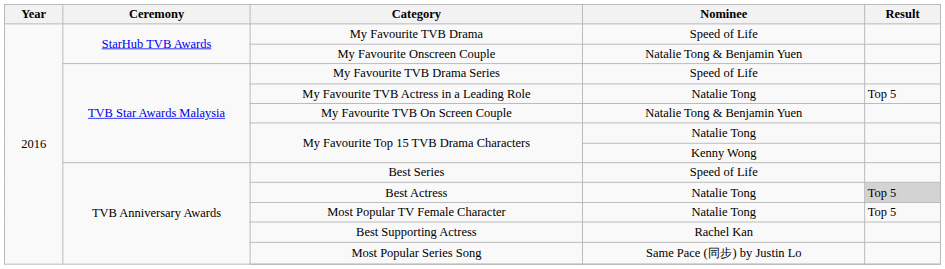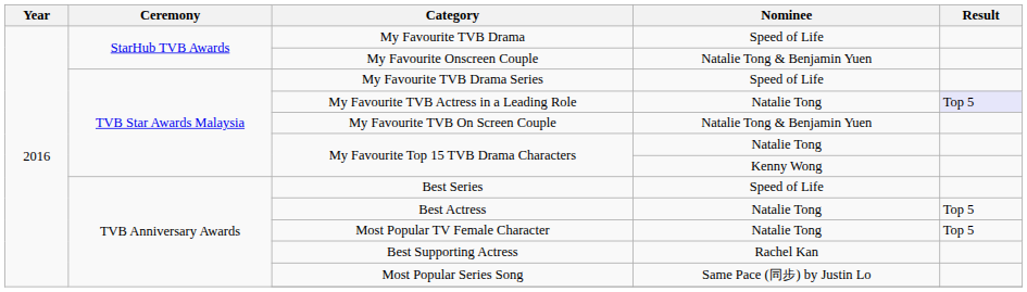 <table class="wikitable" style="width:95%;">
 <tr>
 <th style="width:45px;">Year</th>
 <th style="width:160px;">Ceremony</th>
 <th style="width:290px;">Category</th>
 <th style="width:245px;">Nominee</th>
 <th style="width:60px;">Result</th>
 </tr>
 <tr>
 <td align="center" rowspan=31>2016</td>
 <td align="center" rowspan=2><a href='#'>StarHub TVB Awards</a></td>
 <td align="center">My Favourite TVB Drama</td>
 <td align="center">Speed of Life</td>
 <td></td>
 </tr>
 <tr>
 <td align="center">My Favourite Onscreen Couple</td>
 <td align="center">Natalie Tong & Benjamin Yuen</td>
 <td></td>
 </tr>
 <tr>
 <td align="center" rowspan=5><a href='#'>TVB Star Awards Malaysia</a></td>
 <td align="center">My Favourite TVB Drama Series</td>
 <td align="center">Speed of Life</td>
 <td></td>
 </tr>
 <tr>
 <td align="center">My Favourite TVB Actress in a Leading Role</td>
 <td align="center">Natalie Tong</td>
-<td> Top 5</td>
+<td style="background: lavender;"> Top 5</td>
 </tr>
 <tr>
 <td align="center">My Favourite TVB On Screen Couple</td>
 <td align="center">Natalie Tong & Benjamin Yuen</td>
 <td></td>
 </tr>
 <tr>
 <td rowspan=2 align="center">My Favourite Top 15 TVB Drama Characters</td>
 <td align="center">Natalie Tong</td>
 <td></td>
 </tr>
 <tr>
 <td align="center">Kenny Wong</td>
 <td></td>
 </tr>
 <tr>
 <td align="center" rowspan=6>TVB Anniversary Awards</td>
 <td align="center">Best Series</td>
 <td align="center">Speed of Life</td>
 <td></td>
 </tr>
 <tr>
 <td align="center">Best Actress</td>
 <td align="center">Natalie Tong</td>
-<td style="background: lightgrey;"> Top 5</td>
+<td> Top 5</td>
 </tr>
 <tr>
 <td align="center">Most Popular TV Female Character</td>
 <td align="center">Natalie Tong</td>
 <td> Top 5</td>
 </tr>
 <tr>
 <td align="center">Best Supporting Actress</td>
 <td align="center">Rachel Kan</td>
 <td></td>
 </tr>
 <tr>
 <td align="center">Most Popular Series Song</td>
 <td align="center">Same Pace (同步) by Justin Lo</td>
 <td></td>
 </tr>
 <tr>
 </tr>
 </table>
